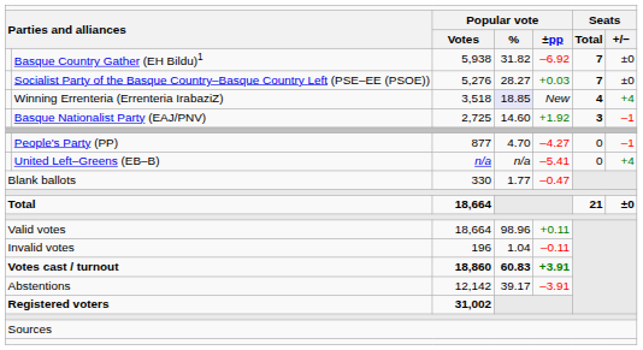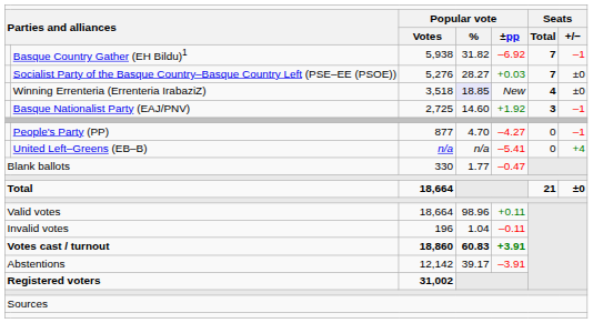 <table class="wikitable" style="text-align:right;">
 <tr>
 <td colspan="7"></td>
 </tr>
 <tr>
 <th style="text-align:left;" rowspan="2" colspan="2" width="525">Parties and alliances</th>
 <th colspan="3">Popular vote</th>
 <th colspan="2">Seats</th>
 </tr>
 <tr>
 <th width="75">Votes</th>
 <th width="45">%</th>
 <th width="45">±<a href='#'>pp</a></th>
 <th width="35">Total</th>
 <th width="35">+/−</th>
 </tr>
 <tr>
 <td width="1" style="color:inherit;background:"></td>
 <td align="left"><a href='#'>Basque Country Gather</a> (EH Bildu)<sup>1</sup></td>
 <td>5,938</td>
 <td>31.82</td>
 <td style="color:red;">–6.92</td>
 <td><strong>7</strong></td>
-<td>±0</td>
+<td style="color:red;">–1</td>
 </tr>
 <tr>
 <td style="color:inherit;background:"></td>
 <td align="left"><a href='#'>Socialist Party of the Basque Country–Basque Country Left</a> (PSE–EE (PSOE))</td>
 <td>5,276</td>
 <td>28.27</td>
 <td style="color:green;">+0.03</td>
 <td><strong>7</strong></td>
 <td>±0</td>
 </tr>
 <tr>
 <td style="color:inherit;background:"></td>
 <td align="left">Winning Errenteria (Errenteria IrabaziZ)</td>
 <td>3,518</td>
 <td style="background: lavender;">18.85</td>
 <td><em>New</em></td>
 <td><strong>4</strong></td>
-<td style="color:green;">+4</td>
+<td>±0</td>
 </tr>
 <tr>
 <td style="color:inherit;background:"></td>
 <td align="left"><a href='#'>Basque Nationalist Party</a> (EAJ/PNV)</td>
 <td>2,725</td>
 <td>14.60</td>
 <td style="color:green;">+1.92</td>
 <td><strong>3</strong></td>
 <td style="color:red;">–1</td>
 </tr>
 <tr>
 <td colspan="7" bgcolor="#C0C0C0"></td>
 </tr>
 <tr>
 <td style="color:inherit;background:"></td>
 <td align="left"><a href='#'>People's Party</a> (PP)</td>
 <td>877</td>
 <td>4.70</td>
 <td style="color:red;">–4.27</td>
 <td>0</td>
 <td style="color:red;">–1</td>
 </tr>
 <tr>
 <td style="color:inherit;background:"></td>
 <td align="left"><a href='#'>United Left–Greens</a> (EB–B)</td>
 <td><em><a href='#'>n/a</a></em></td>
 <td><em>n/a</em></td>
 <td style="color:red;">–5.41</td>
 <td>0</td>
 <td style="color:green;">+4</td>
 </tr>
 <tr>
 <td align="left" colspan="2">Blank ballots</td>
 <td>330</td>
 <td>1.77</td>
 <td style="color:red;">–0.47</td>
 <td bgcolor="#E9E9E9" colspan="2"></td>
 </tr>
 <tr>
 <td colspan="7" bgcolor="#E9E9E9"></td>
 </tr>
 <tr style="font-weight:bold;">
 <td align="left" colspan="2">Total</td>
 <td>18,664</td>
 <td bgcolor="#E9E9E9" colspan="2"></td>
 <td>21</td>
 <td>±0</td>
 </tr>
 <tr>
 <td colspan="7" bgcolor="#E9E9E9"></td>
 </tr>
 <tr>
 <td align="left" colspan="2">Valid votes</td>
 <td>18,664</td>
 <td>98.96</td>
 <td style="color:green;">+0.11</td>
 <td bgcolor="#E9E9E9" colspan="2" rowspan="5"></td>
 </tr>
 <tr>
 <td align="left" colspan="2">Invalid votes</td>
 <td>196</td>
 <td>1.04</td>
 <td style="color:red;">–0.11</td>
 </tr>
 <tr style="font-weight:bold;">
 <td align="left" colspan="2">Votes cast / turnout</td>
 <td>18,860</td>
 <td>60.83</td>
 <td style="color:green;">+3.91</td>
 </tr>
 <tr>
 <td align="left" colspan="2">Abstentions</td>
 <td>12,142</td>
 <td>39.17</td>
 <td style="color:red;">–3.91</td>
 </tr>
 <tr style="font-weight:bold;">
 <td align="left" colspan="2">Registered voters</td>
 <td>31,002</td>
 <td bgcolor="#E9E9E9" colspan="2"></td>
 </tr>
 <tr>
 <td colspan="7" bgcolor="#E9E9E9"></td>
 </tr>
 <tr>
 <td align="left" colspan="7">Sources</td>
 </tr>
 <tr>
 <td colspan="7" style="text-align:left; max-width:790px;"></td>
 </tr>
 </table>
